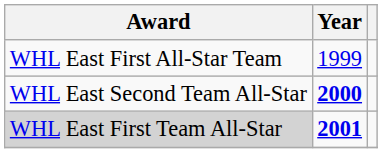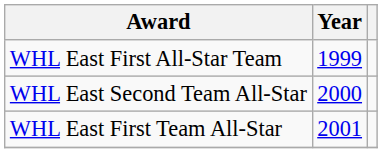 <table class="wikitable">
 <tr>
 <th>Award</th>
 <th>Year</th>
 <th></th>
 </tr>
 <tr>
 <td><a href='#'>WHL</a> East First All-Star Team</td>
 <td><a href='#'>1999</a></td>
 <td></td>
 </tr>
 <tr>
 <td><a href='#'>WHL</a> East Second Team All-Star</td>
-<td><strong><a href='#'>2000</a></strong></td>
+<td><a href='#'>2000</a></td>
 <td></td>
 </tr>
 <tr>
-<td style="background: lightgrey;"><a href='#'>WHL</a> East First Team All-Star</td>
-<td><strong><a href='#'>2001</a></strong></td>
+<td><a href='#'>WHL</a> East First Team All-Star</td>
+<td><a href='#'>2001</a></td>
 <td></td>
 </tr>
 <tr>
 </tr>
 </table>
